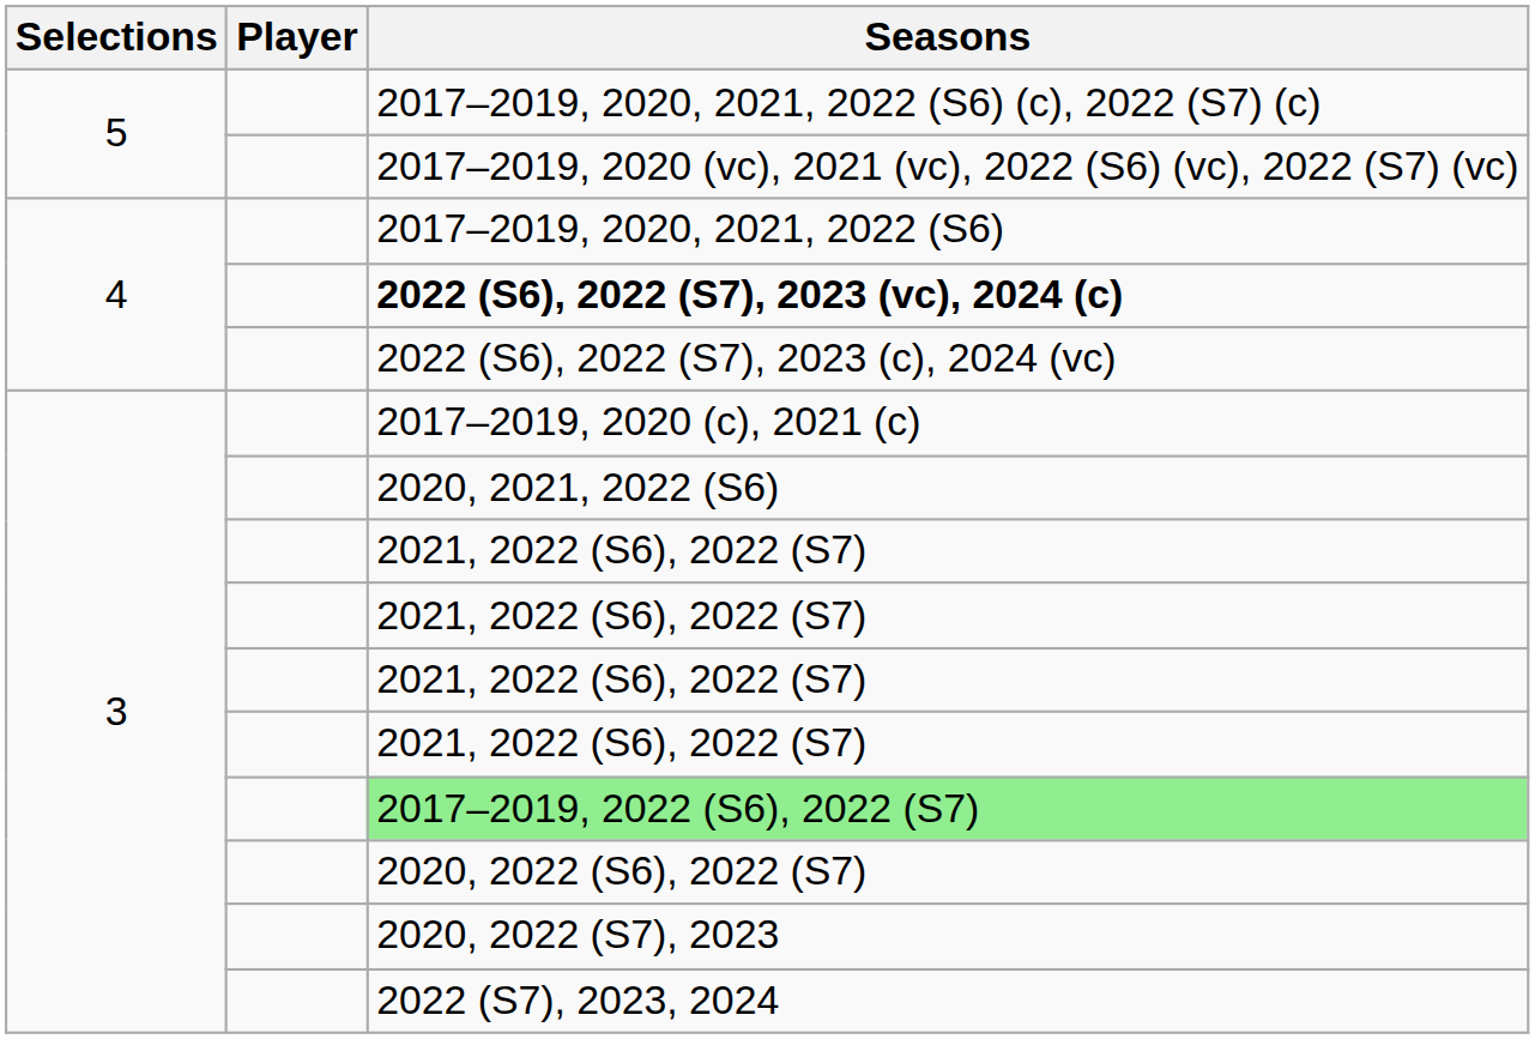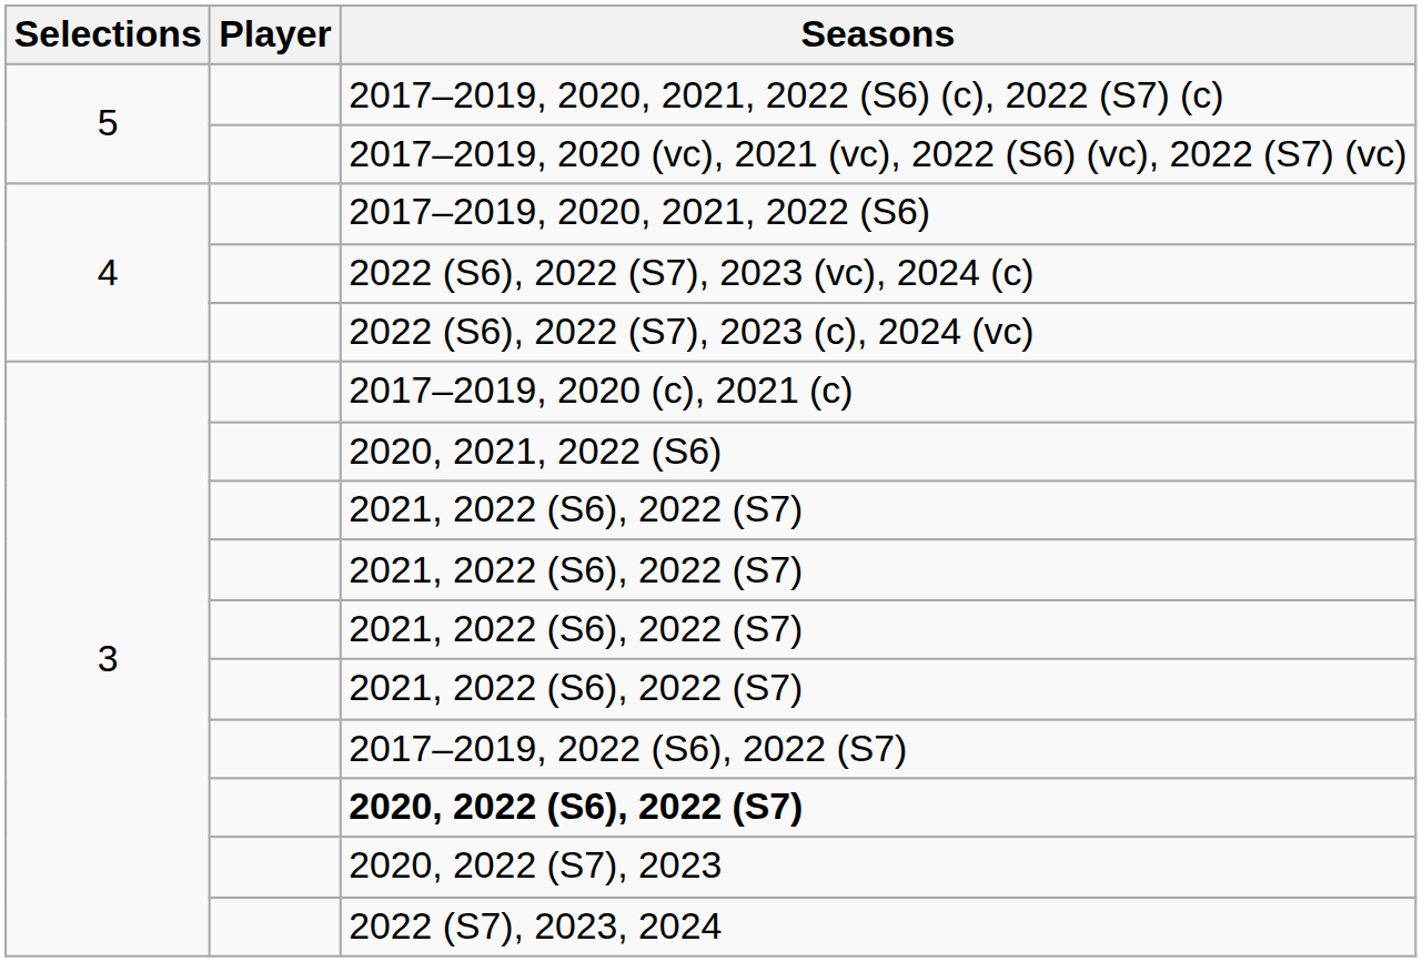 <table class="wikitable sortable">
 <tr>
 <th>Selections</th>
 <th>Player</th>
 <th class="unsortable">Seasons</th>
 </tr>
 <tr>
 <td rowspan="2" align="center">5</td>
 <td></td>
 <td>2017–2019, 2020, 2021, 2022 (S6) (c), 2022 (S7) (c)</td>
 </tr>
 <tr>
 <td></td>
 <td>2017–2019, 2020 (vc), 2021 (vc), 2022 (S6) (vc), 2022 (S7) (vc)</td>
 </tr>
 <tr>
 <td rowspan="3" align="center">4</td>
 <td></td>
 <td>2017–2019, 2020, 2021, 2022 (S6)</td>
 </tr>
 <tr>
 <td></td>
-<td><strong>2022 (S6), 2022 (S7), 2023 (vc), 2024 (c)</strong></td>
+<td>2022 (S6), 2022 (S7), 2023 (vc), 2024 (c)</td>
 </tr>
 <tr>
 <td></td>
 <td>2022 (S6), 2022 (S7), 2023 (c), 2024 (vc)</td>
 </tr>
 <tr>
 <td rowspan="10" align="center">3</td>
 <td></td>
 <td>2017–2019, 2020 (c), 2021 (c)</td>
 </tr>
 <tr>
 <td></td>
 <td>2020, 2021, 2022 (S6)</td>
 </tr>
 <tr>
 <td></td>
 <td>2021, 2022 (S6), 2022 (S7)</td>
 </tr>
 <tr>
 <td></td>
 <td>2021, 2022 (S6), 2022 (S7)</td>
 </tr>
 <tr>
 <td></td>
 <td>2021, 2022 (S6), 2022 (S7)</td>
 </tr>
 <tr>
 <td></td>
 <td>2021, 2022 (S6), 2022 (S7)</td>
 </tr>
 <tr>
 <td></td>
-<td style="background: lightgreen;">2017–2019, 2022 (S6), 2022 (S7)</td>
+<td>2017–2019, 2022 (S6), 2022 (S7)</td>
 </tr>
 <tr>
 <td></td>
-<td>2020, 2022 (S6), 2022 (S7)</td>
+<td><strong>2020, 2022 (S6), 2022 (S7)</strong></td>
 </tr>
 <tr>
 <td></td>
 <td>2020, 2022 (S7), 2023</td>
 </tr>
 <tr>
 <td></td>
 <td>2022 (S7), 2023, 2024</td>
 </tr>
 </table>
